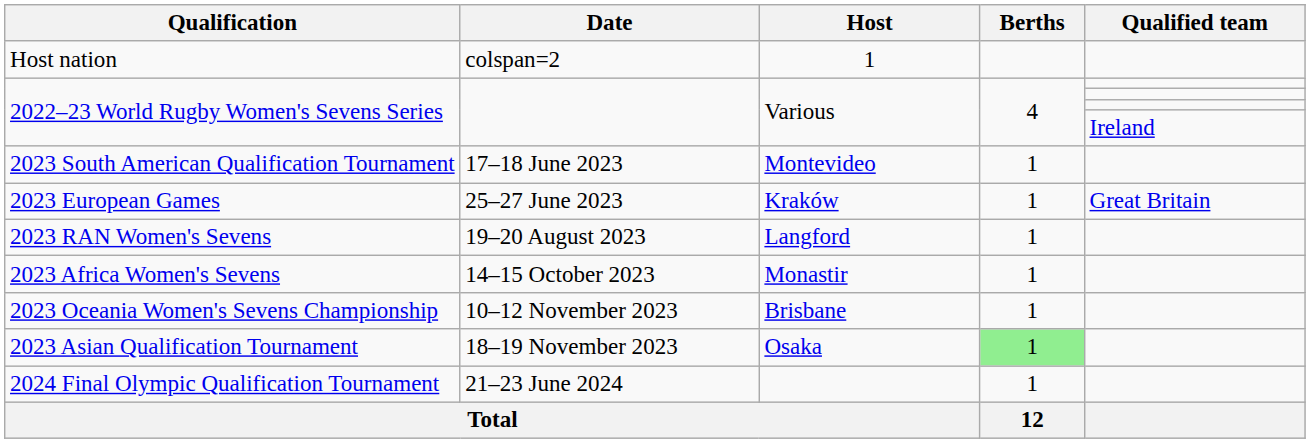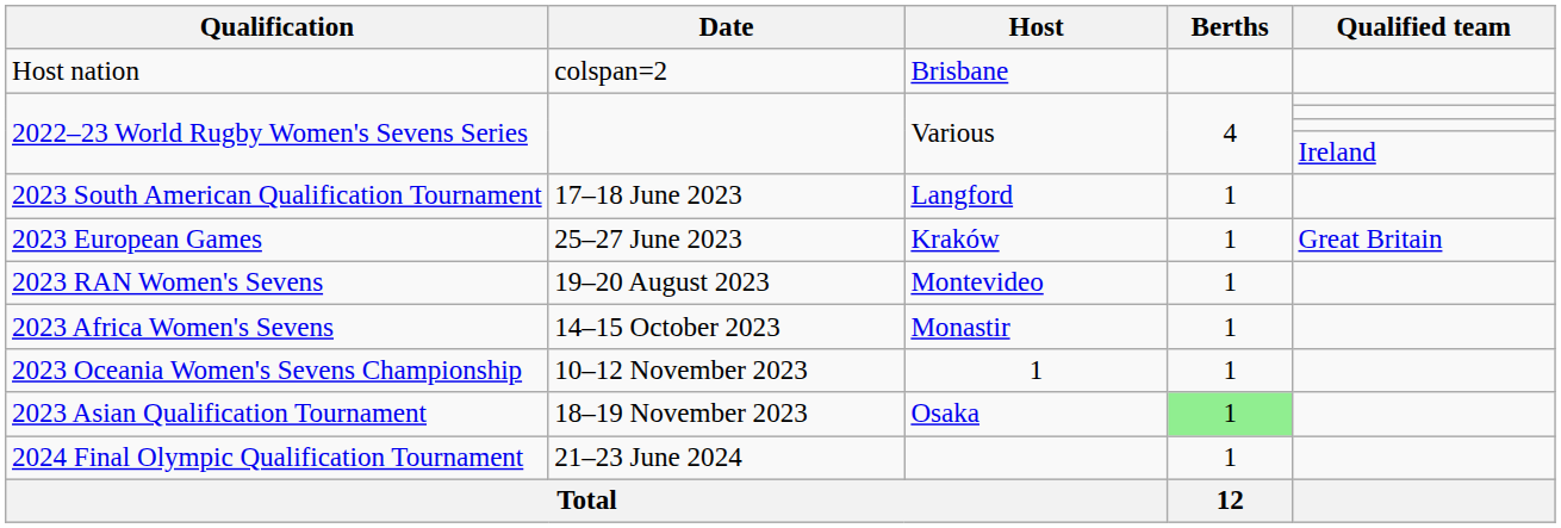 <table class="wikitable">
 <tr>
 <th width=35%>Qualification</th>
 <th width=23%>Date</th>
 <th width=17%>Host</th>
 <th width=8%>Berths</th>
 <th width=17%>Qualified team</th>
 </tr>
 <tr>
 <td>Host nation</td>
 <td>colspan=2 </td>
-<td align=center>1</td>
+<td> <a href='#'>Brisbane</a></td>
 <td></td>
 </tr>
 <tr>
 <td rowspan=4><a href='#'>2022–23 World Rugby Women's Sevens Series</a></td>
 <td rowspan=4></td>
 <td rowspan=4>Various</td>
 <td rowspan=4 align=center>4</td>
 <td></td>
 </tr>
 <tr>
 <td></td>
 </tr>
 <tr>
 <td></td>
 </tr>
 <tr>
 <td> <a href='#'>Ireland</a></td>
 </tr>
 <tr>
 <td><a href='#'>2023 South American Qualification Tournament</a></td>
 <td>17–18 June 2023</td>
-<td> <a href='#'>Montevideo</a></td>
+<td> <a href='#'>Langford</a></td>
 <td align="center">1</td>
 <td></td>
 </tr>
 <tr>
 <td><a href='#'>2023 European Games</a></td>
 <td>25–27 June 2023</td>
 <td> <a href='#'>Kraków</a></td>
 <td align=center>1</td>
 <td> <a href='#'>Great Britain</a></td>
 </tr>
 <tr>
 <td><a href='#'>2023 RAN Women's Sevens</a></td>
 <td>19–20 August 2023</td>
-<td> <a href='#'>Langford</a></td>
+<td> <a href='#'>Montevideo</a></td>
 <td align=center>1</td>
 <td></td>
 </tr>
 <tr>
 <td><a href='#'>2023 Africa Women's Sevens</a></td>
 <td>14–15 October 2023</td>
 <td> <a href='#'>Monastir</a></td>
 <td align=center>1</td>
 <td></td>
 </tr>
 <tr>
 <td><a href='#'>2023 Oceania Women's Sevens Championship</a></td>
 <td>10–12 November 2023</td>
-<td> <a href='#'>Brisbane</a></td>
+<td align=center>1</td>
 <td align=center>1</td>
 <td></td>
 </tr>
 <tr>
 <td><a href='#'>2023 Asian Qualification Tournament</a></td>
 <td>18–19 November 2023</td>
 <td> <a href='#'>Osaka</a></td>
 <td align=center style="background: lightgreen;">1</td>
 <td></td>
 </tr>
 <tr>
 <td><a href='#'>2024 Final Olympic Qualification Tournament</a></td>
 <td>21–23 June 2024</td>
 <td></td>
 <td align="center">1</td>
 <td></td>
 </tr>
 <tr>
 <th colspan=3>Total</th>
 <th>12</th>
 <th></th>
 </tr>
 </table>
